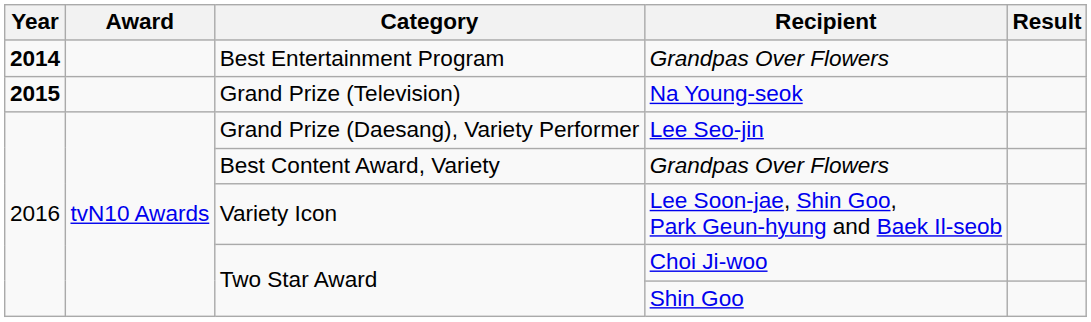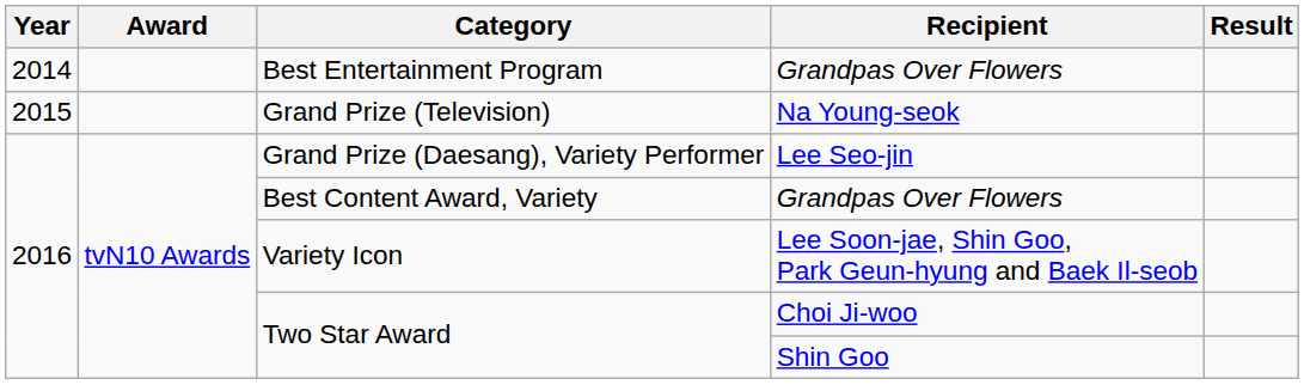 <table class=wikitable>
 <tr>
 <th>Year</th>
 <th>Award</th>
 <th>Category</th>
 <th>Recipient</th>
 <th>Result</th>
 </tr>
 <tr>
-<td><strong>2014</strong></td>
+<td>2014</td>
 <td></td>
 <td>Best Entertainment Program</td>
 <td><em>Grandpas Over Flowers</em></td>
 <td></td>
 </tr>
 <tr>
-<td><strong>2015</strong></td>
+<td>2015</td>
 <td></td>
 <td>Grand Prize (Television)</td>
 <td><a href='#'>Na Young-seok</a></td>
 <td></td>
 </tr>
 <tr>
 <td rowspan=5>2016</td>
 <td rowspan=5 style="text-align:center;"><a href='#'>tvN10 Awards</a></td>
 <td>Grand Prize (Daesang), Variety Performer</td>
 <td><a href='#'>Lee Seo-jin</a></td>
 <td></td>
 </tr>
 <tr>
 <td>Best Content Award, Variety</td>
 <td><em>Grandpas Over Flowers</em></td>
 <td></td>
 </tr>
 <tr>
 <td>Variety Icon</td>
 <td><a href='#'>Lee Soon-jae</a>, <a href='#'>Shin Goo</a>,<br><a href='#'>Park Geun-hyung</a> and <a href='#'>Baek Il-seob</a></td>
 <td></td>
 </tr>
 <tr>
 <td rowspan=2>Two Star Award</td>
 <td><a href='#'>Choi Ji-woo</a></td>
 <td></td>
 </tr>
 <tr>
 <td><a href='#'>Shin Goo</a></td>
 <td></td>
 </tr>
 </table>
